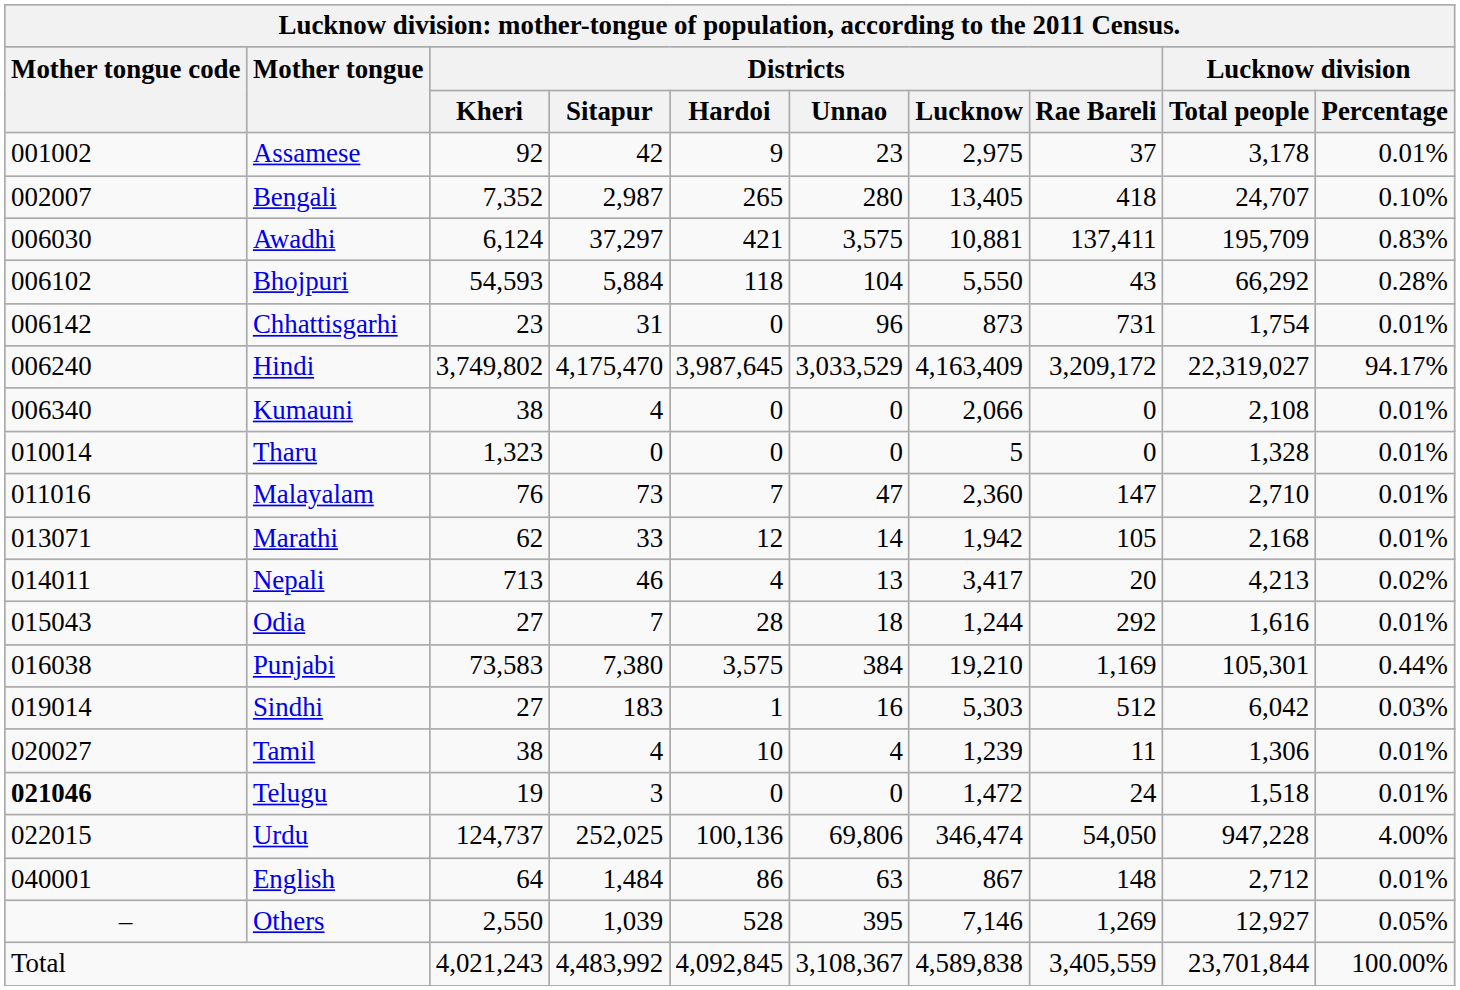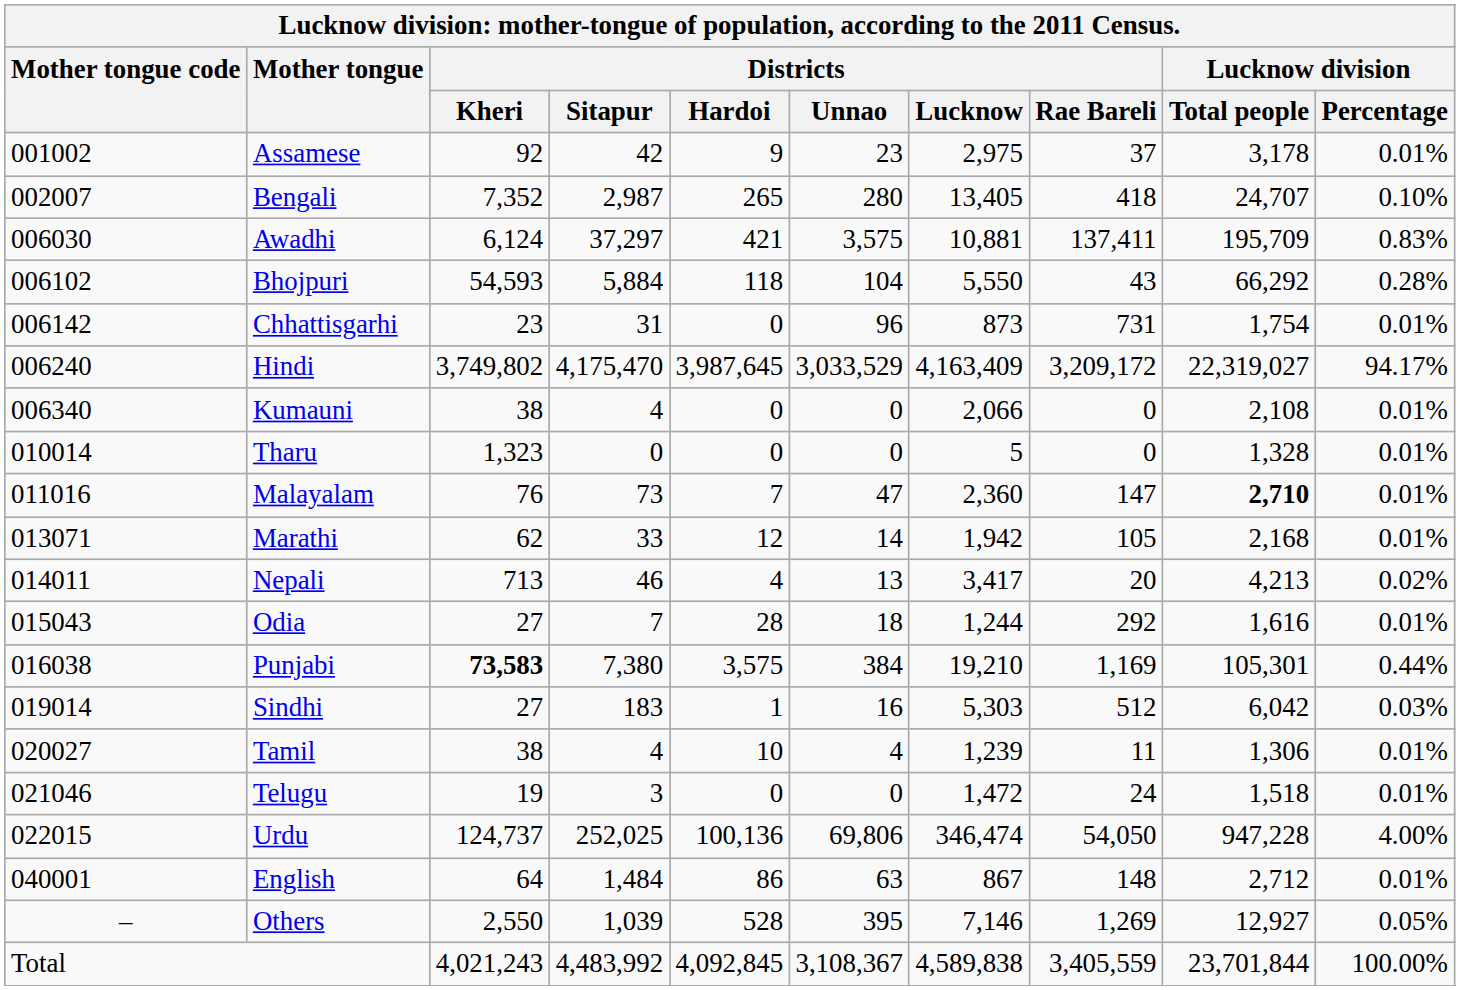 <table class="wikitable sortable mw-collapsible mw-collapsed">
 <tr style="vertical-align:top;">
 <th colspan=10>Lucknow division: mother-tongue of population, according to the 2011 Census.</th>
 </tr>
 <tr style="vertical-align:top;">
 <th rowspan=2>Mother tongue code</th>
 <th rowspan=2>Mother tongue</th>
 <th colspan=6>Districts</th>
 <th colspan=2>Lucknow division</th>
 </tr>
 <tr style="vertical-align:top;">
 <th>Kheri</th>
 <th>Sitapur</th>
 <th>Hardoi</th>
 <th>Unnao</th>
 <th>Lucknow</th>
 <th>Rae Bareli</th>
 <th>Total people</th>
 <th>Percentage</th>
 </tr>
 <tr style="vertical-align:top;">
 <td>001002</td>
 <td><a href='#'>Assamese</a></td>
 <td style="text-align:right;">92</td>
 <td style="text-align:right;">42</td>
 <td style="text-align:right;">9</td>
 <td style="text-align:right;">23</td>
 <td style="text-align:right;">2,975</td>
 <td style="text-align:right;">37</td>
 <td style="text-align:right;">3,178</td>
 <td style="text-align:right;">0.01%</td>
 </tr>
 <tr style="vertical-align:top;">
 <td>002007</td>
 <td><a href='#'>Bengali</a></td>
 <td style="text-align:right;">7,352</td>
 <td style="text-align:right;">2,987</td>
 <td style="text-align:right;">265</td>
 <td style="text-align:right;">280</td>
 <td style="text-align:right;">13,405</td>
 <td style="text-align:right;">418</td>
 <td style="text-align:right;">24,707</td>
 <td style="text-align:right;">0.10%</td>
 </tr>
 <tr style="vertical-align:top;">
 <td>006030</td>
 <td><a href='#'>Awadhi</a></td>
 <td style="text-align:right;">6,124</td>
 <td style="text-align:right;">37,297</td>
 <td style="text-align:right;">421</td>
 <td style="text-align:right;">3,575</td>
 <td style="text-align:right;">10,881</td>
 <td style="text-align:right;">137,411</td>
 <td style="text-align:right;">195,709</td>
 <td style="text-align:right;">0.83%</td>
 </tr>
 <tr style="vertical-align:top;">
 <td>006102</td>
 <td><a href='#'>Bhojpuri</a></td>
 <td style="text-align:right;">54,593</td>
 <td style="text-align:right;">5,884</td>
 <td style="text-align:right;">118</td>
 <td style="text-align:right;">104</td>
 <td style="text-align:right;">5,550</td>
 <td style="text-align:right;">43</td>
 <td style="text-align:right;">66,292</td>
 <td style="text-align:right;">0.28%</td>
 </tr>
 <tr style="vertical-align:top;">
 <td>006142</td>
 <td><a href='#'>Chhattisgarhi</a></td>
 <td style="text-align:right;">23</td>
 <td style="text-align:right;">31</td>
 <td style="text-align:right;">0</td>
 <td style="text-align:right;">96</td>
 <td style="text-align:right;">873</td>
 <td style="text-align:right;">731</td>
 <td style="text-align:right;">1,754</td>
 <td style="text-align:right;">0.01%</td>
 </tr>
 <tr style="vertical-align:top;">
 <td>006240</td>
 <td><a href='#'>Hindi</a></td>
 <td style="text-align:right;">3,749,802</td>
 <td style="text-align:right;">4,175,470</td>
 <td style="text-align:right;">3,987,645</td>
 <td style="text-align:right;">3,033,529</td>
 <td style="text-align:right;">4,163,409</td>
 <td style="text-align:right;">3,209,172</td>
 <td style="text-align:right;">22,319,027</td>
 <td style="text-align:right;">94.17%</td>
 </tr>
 <tr style="vertical-align:top;">
 <td>006340</td>
 <td><a href='#'>Kumauni</a></td>
 <td style="text-align:right;">38</td>
 <td style="text-align:right;">4</td>
 <td style="text-align:right;">0</td>
 <td style="text-align:right;">0</td>
 <td style="text-align:right;">2,066</td>
 <td style="text-align:right;">0</td>
 <td style="text-align:right;">2,108</td>
 <td style="text-align:right;">0.01%</td>
 </tr>
 <tr style="vertical-align:top;">
 <td>010014</td>
 <td><a href='#'>Tharu</a></td>
 <td style="text-align:right;">1,323</td>
 <td style="text-align:right;">0</td>
 <td style="text-align:right;">0</td>
 <td style="text-align:right;">0</td>
 <td style="text-align:right;">5</td>
 <td style="text-align:right;">0</td>
 <td style="text-align:right;">1,328</td>
 <td style="text-align:right;">0.01%</td>
 </tr>
 <tr style="vertical-align:top;">
 <td>011016</td>
 <td><a href='#'>Malayalam</a></td>
 <td style="text-align:right;">76</td>
 <td style="text-align:right;">73</td>
 <td style="text-align:right;">7</td>
 <td style="text-align:right;">47</td>
 <td style="text-align:right;">2,360</td>
 <td style="text-align:right;">147</td>
-<td style="text-align:right;">2,710</td>
+<td style="text-align:right;"><strong>2,710</strong></td>
 <td style="text-align:right;">0.01%</td>
 </tr>
 <tr style="vertical-align:top;">
 <td>013071</td>
 <td><a href='#'>Marathi</a></td>
 <td style="text-align:right;">62</td>
 <td style="text-align:right;">33</td>
 <td style="text-align:right;">12</td>
 <td style="text-align:right;">14</td>
 <td style="text-align:right;">1,942</td>
 <td style="text-align:right;">105</td>
 <td style="text-align:right;">2,168</td>
 <td style="text-align:right;">0.01%</td>
 </tr>
 <tr style="vertical-align:top;">
 <td>014011</td>
 <td><a href='#'>Nepali</a></td>
 <td style="text-align:right;">713</td>
 <td style="text-align:right;">46</td>
 <td style="text-align:right;">4</td>
 <td style="text-align:right;">13</td>
 <td style="text-align:right;">3,417</td>
 <td style="text-align:right;">20</td>
 <td style="text-align:right;">4,213</td>
 <td style="text-align:right;">0.02%</td>
 </tr>
 <tr style="vertical-align:top;">
 <td>015043</td>
 <td><a href='#'>Odia</a></td>
 <td style="text-align:right;">27</td>
 <td style="text-align:right;">7</td>
 <td style="text-align:right;">28</td>
 <td style="text-align:right;">18</td>
 <td style="text-align:right;">1,244</td>
 <td style="text-align:right;">292</td>
 <td style="text-align:right;">1,616</td>
 <td style="text-align:right;">0.01%</td>
 </tr>
 <tr style="vertical-align:top;">
 <td>016038</td>
 <td><a href='#'>Punjabi</a></td>
-<td style="text-align:right;">73,583</td>
+<td style="text-align:right;"><strong>73,583</strong></td>
 <td style="text-align:right;">7,380</td>
 <td style="text-align:right;">3,575</td>
 <td style="text-align:right;">384</td>
 <td style="text-align:right;">19,210</td>
 <td style="text-align:right;">1,169</td>
 <td style="text-align:right;">105,301</td>
 <td style="text-align:right;">0.44%</td>
 </tr>
 <tr style="vertical-align:top;">
 <td>019014</td>
 <td><a href='#'>Sindhi</a></td>
 <td style="text-align:right;">27</td>
 <td style="text-align:right;">183</td>
 <td style="text-align:right;">1</td>
 <td style="text-align:right;">16</td>
 <td style="text-align:right;">5,303</td>
 <td style="text-align:right;">512</td>
 <td style="text-align:right;">6,042</td>
 <td style="text-align:right;">0.03%</td>
 </tr>
 <tr style="vertical-align:top;">
 <td>020027</td>
 <td><a href='#'>Tamil</a></td>
 <td style="text-align:right;">38</td>
 <td style="text-align:right;">4</td>
 <td style="text-align:right;">10</td>
 <td style="text-align:right;">4</td>
 <td style="text-align:right;">1,239</td>
 <td style="text-align:right;">11</td>
 <td style="text-align:right;">1,306</td>
 <td style="text-align:right;">0.01%</td>
 </tr>
 <tr style="vertical-align:top;">
-<td><strong>021046</strong></td>
+<td>021046</td>
 <td><a href='#'>Telugu</a></td>
 <td style="text-align:right;">19</td>
 <td style="text-align:right;">3</td>
 <td style="text-align:right;">0</td>
 <td style="text-align:right;">0</td>
 <td style="text-align:right;">1,472</td>
 <td style="text-align:right;">24</td>
 <td style="text-align:right;">1,518</td>
 <td style="text-align:right;">0.01%</td>
 </tr>
 <tr style="vertical-align:top;">
 <td>022015</td>
 <td><a href='#'>Urdu</a></td>
 <td style="text-align:right;">124,737</td>
 <td style="text-align:right;">252,025</td>
 <td style="text-align:right;">100,136</td>
 <td style="text-align:right;">69,806</td>
 <td style="text-align:right;">346,474</td>
 <td style="text-align:right;">54,050</td>
 <td style="text-align:right;">947,228</td>
 <td style="text-align:right;">4.00%</td>
 </tr>
 <tr style="vertical-align:top;">
 <td>040001</td>
 <td><a href='#'>English</a></td>
 <td style="text-align:right;">64</td>
 <td style="text-align:right;">1,484</td>
 <td style="text-align:right;">86</td>
 <td style="text-align:right;">63</td>
 <td style="text-align:right;">867</td>
 <td style="text-align:right;">148</td>
 <td style="text-align:right;">2,712</td>
 <td style="text-align:right;">0.01%</td>
 </tr>
 <tr style="vertical-align:top;">
 <td style="text-align:center;">–</td>
 <td><a href='#'>Others</a></td>
 <td style="text-align:right;">2,550</td>
 <td style="text-align:right;">1,039</td>
 <td style="text-align:right;">528</td>
 <td style="text-align:right;">395</td>
 <td style="text-align:right;">7,146</td>
 <td style="text-align:right;">1,269</td>
 <td style="text-align:right;">12,927</td>
 <td style="text-align:right;">0.05%</td>
 </tr>
 <tr valign=top class="sortbottom">
 <td colspan=2>Total</td>
 <td style="text-align:right;">4,021,243</td>
 <td style="text-align:right;">4,483,992</td>
 <td style="text-align:right;">4,092,845</td>
 <td style="text-align:right;">3,108,367</td>
 <td style="text-align:right;">4,589,838</td>
 <td style="text-align:right;">3,405,559</td>
 <td style="text-align:right;">23,701,844</td>
 <td style="text-align:right;">100.00%</td>
 </tr>
 <tr>
 </tr>
 </table>
